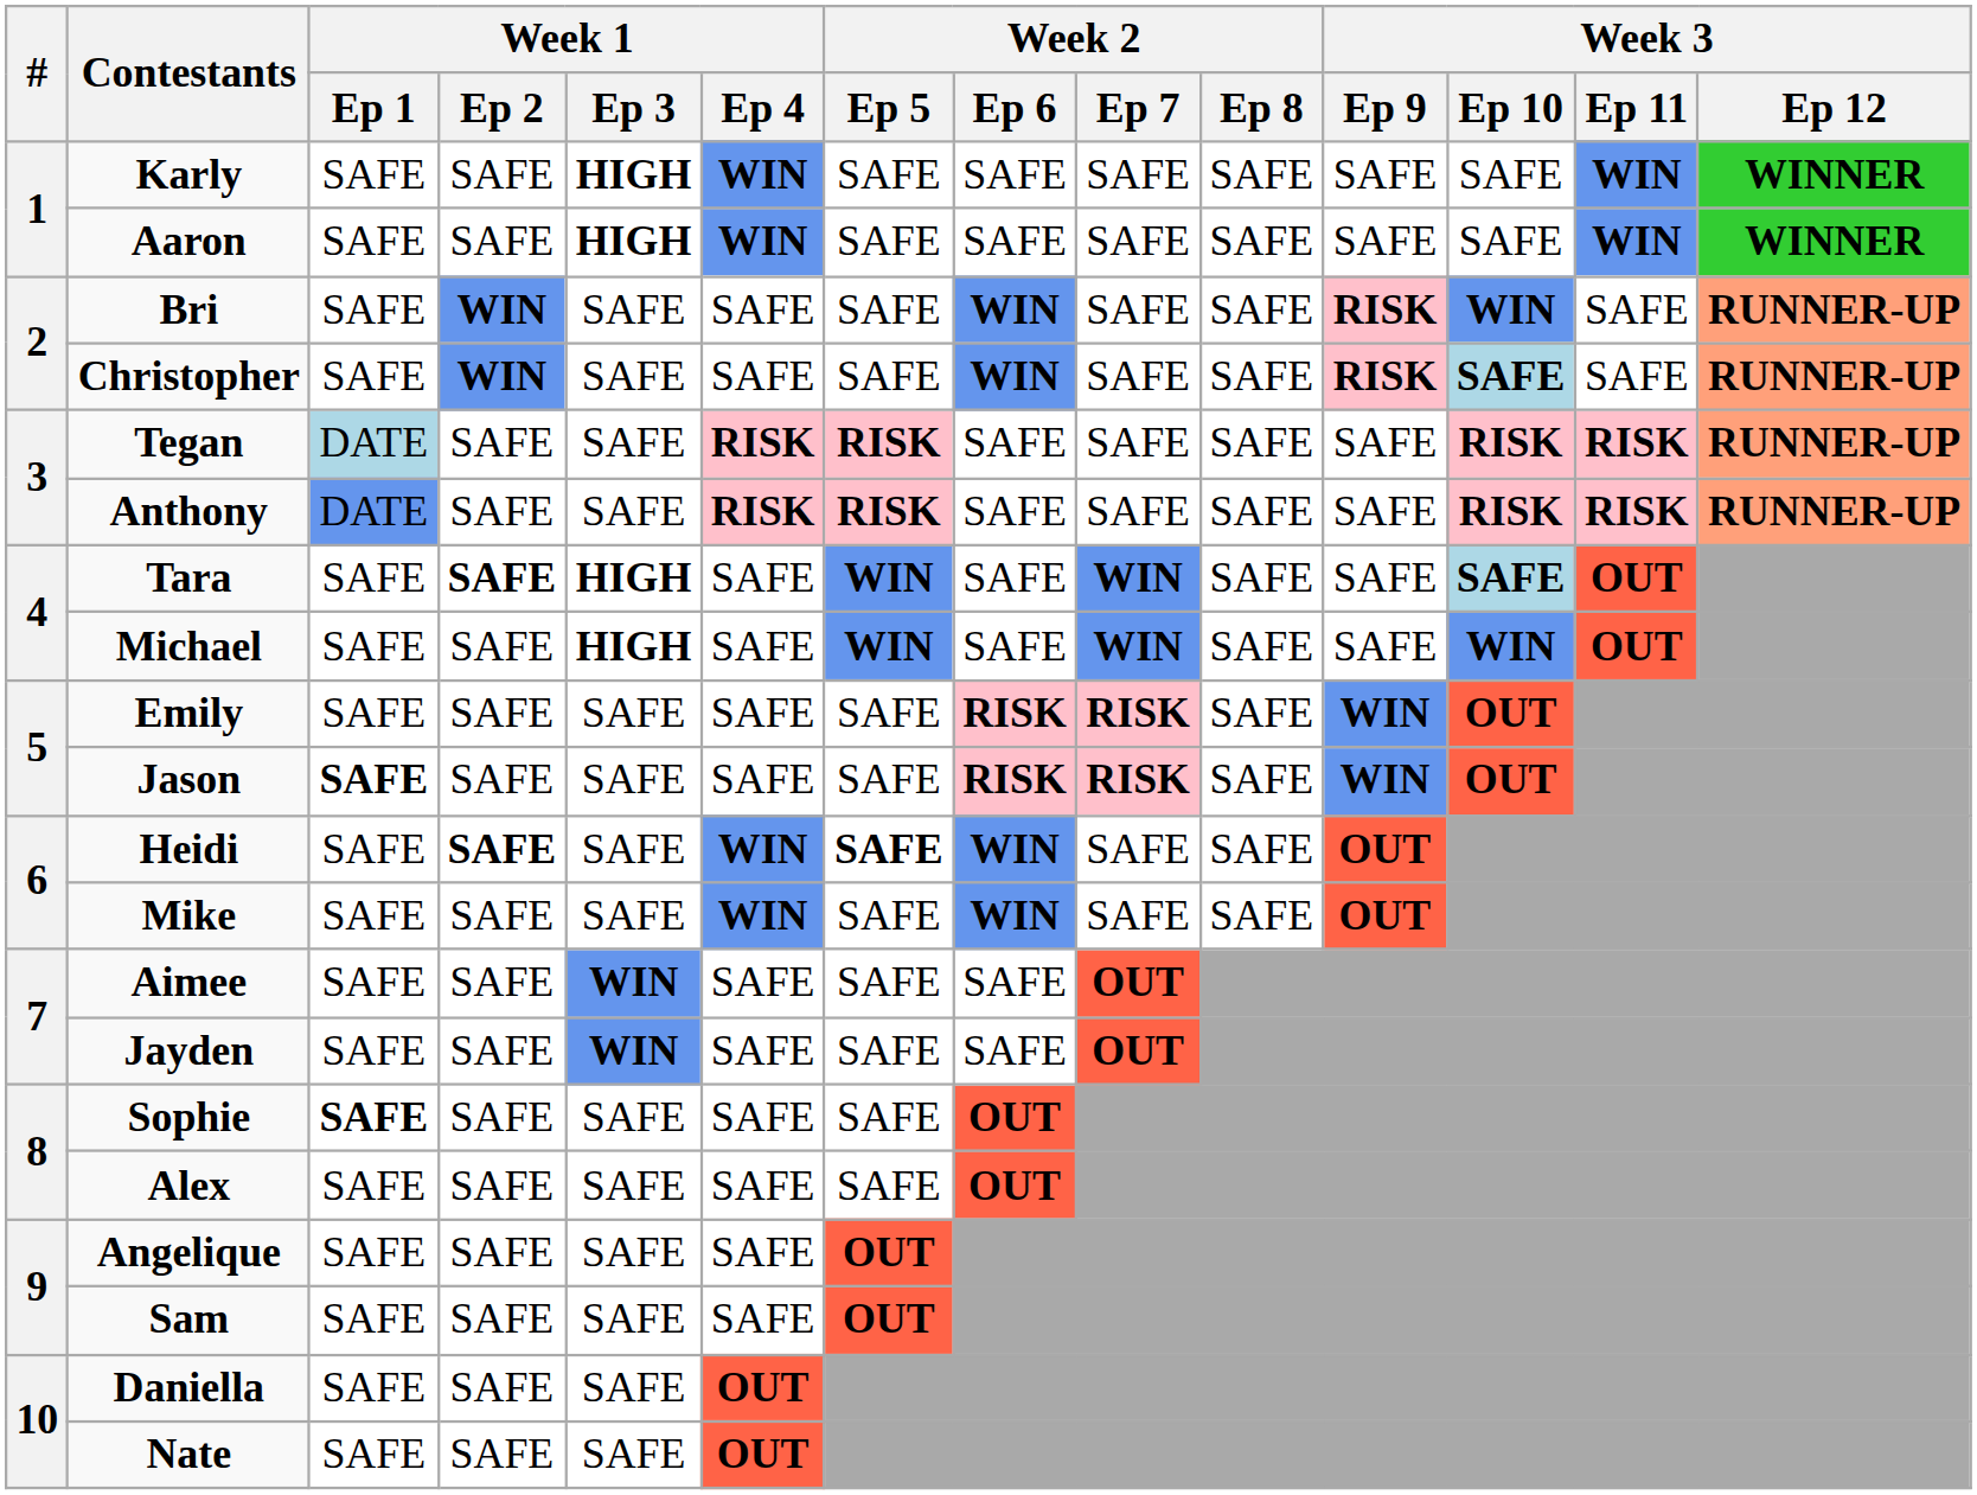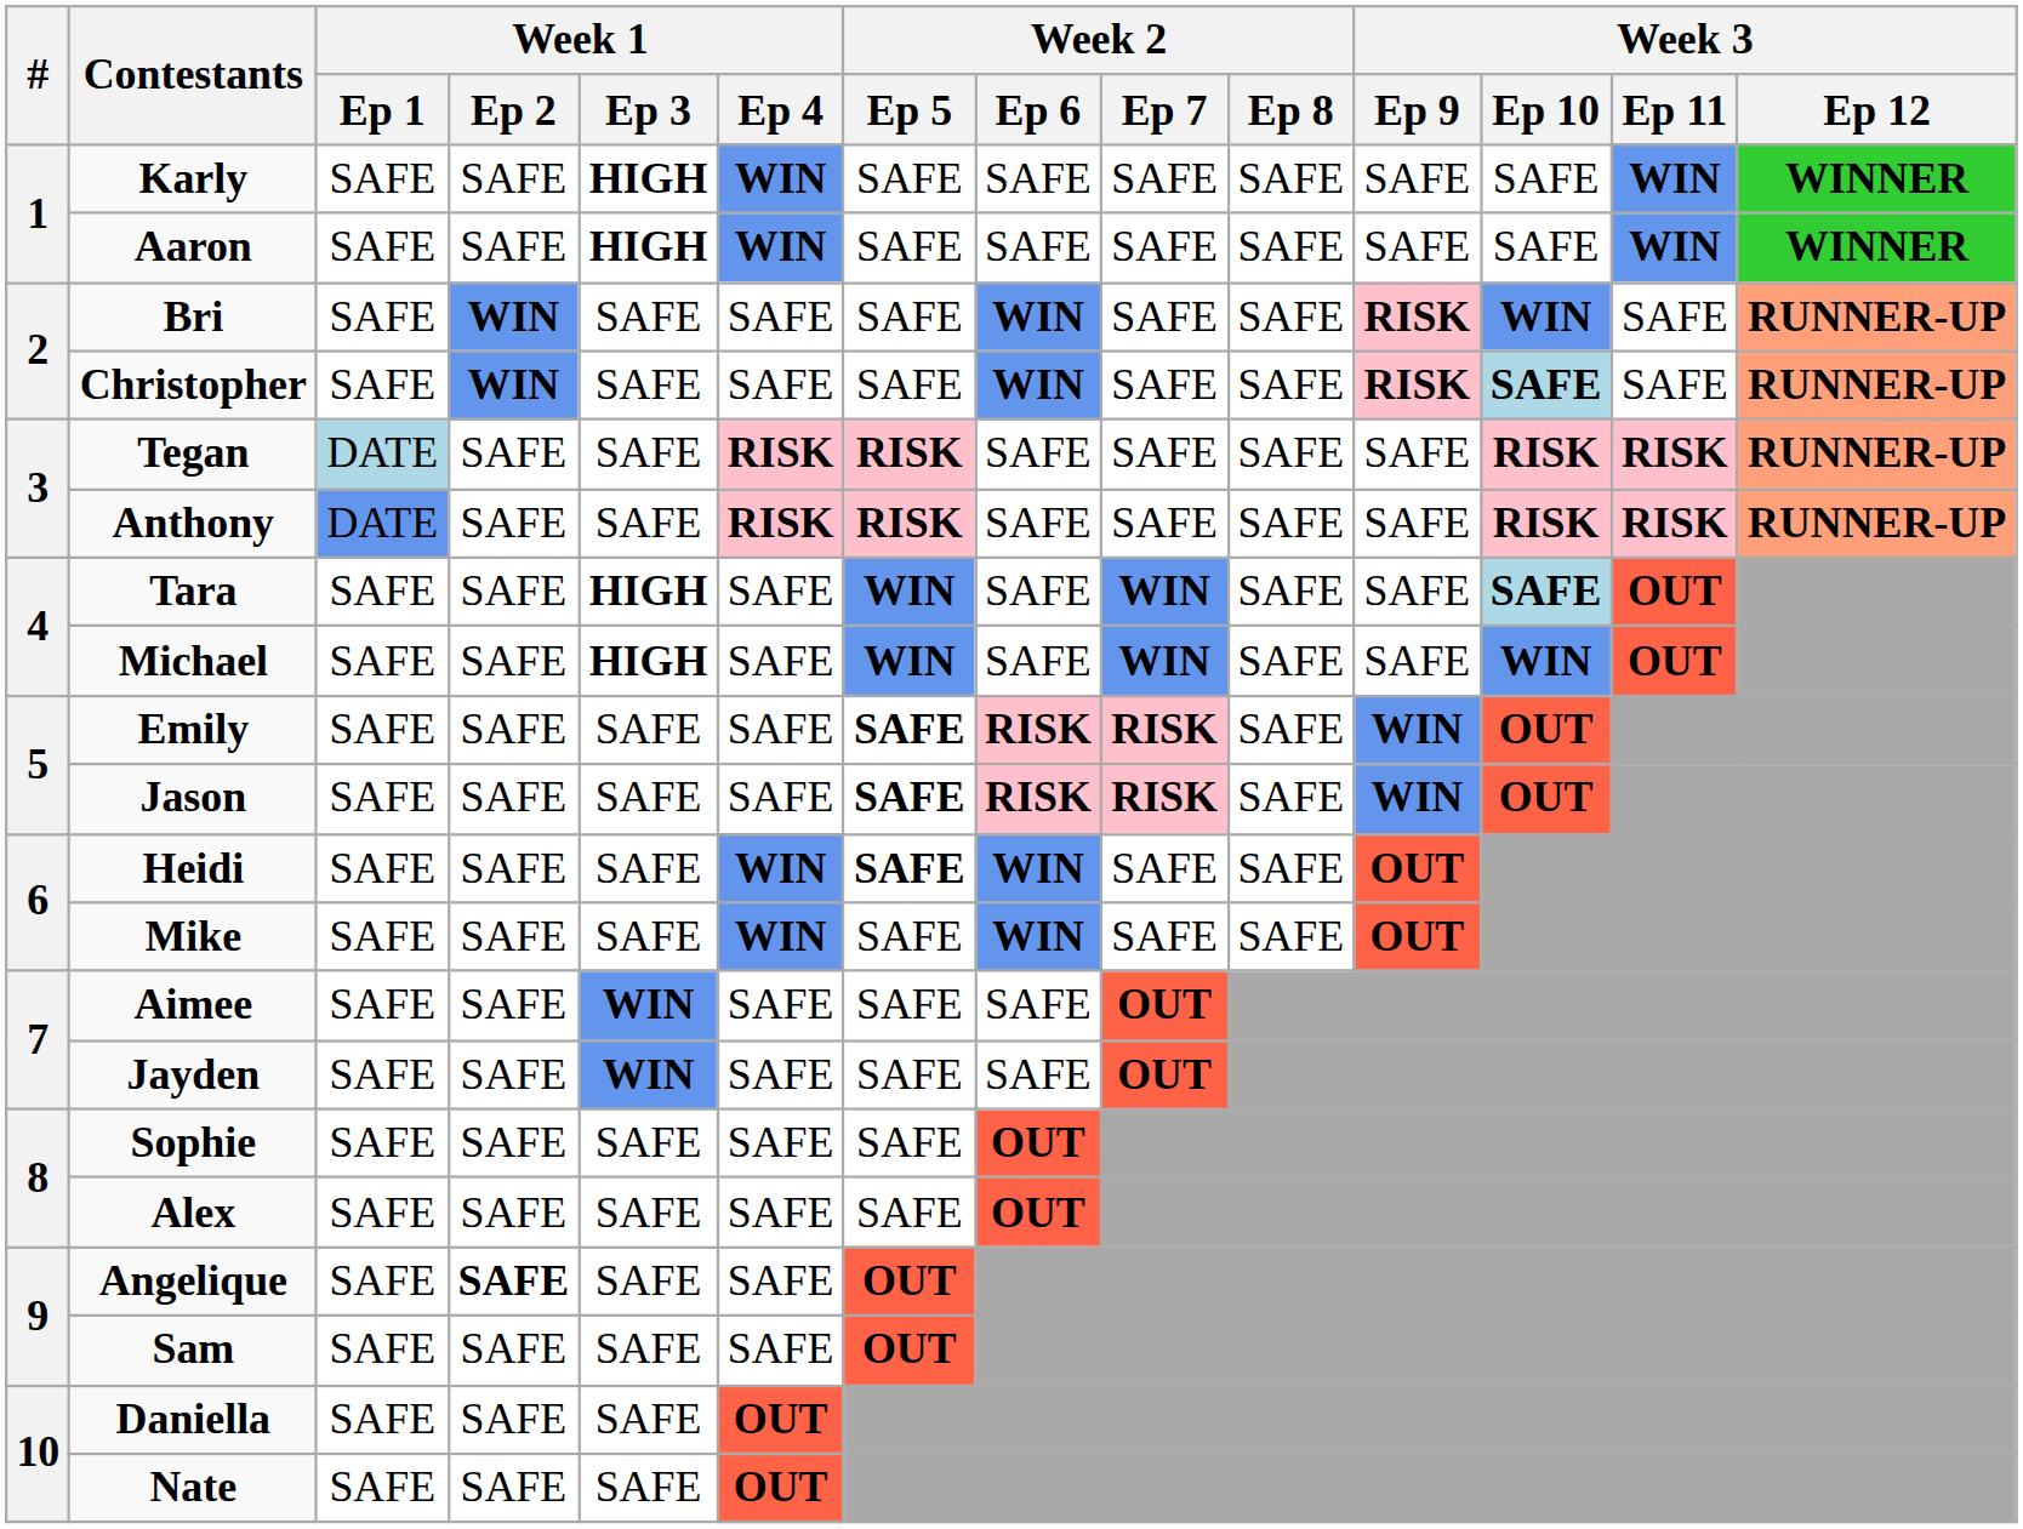 <table class="wikitable" style="text-align:center">
 <tr>
 <th rowspan="2">#</th>
 <th rowspan="2">Contestants</th>
 <th colspan="4">Week 1</th>
 <th colspan="4">Week 2</th>
 <th colspan="4">Week 3</th>
 </tr>
 <tr>
 <th>Ep 1</th>
 <th>Ep 2</th>
 <th>Ep 3</th>
 <th>Ep 4</th>
 <th>Ep 5</th>
 <th>Ep 6</th>
 <th>Ep 7</th>
 <th>Ep 8</th>
 <th>Ep 9</th>
 <th>Ep 10</th>
 <th>Ep 11</th>
 <th>Ep 12</th>
 </tr>
 <tr>
 <th rowspan="2">1</th>
 <td><strong>Karly</strong></td>
 <td bgcolor="white">SAFE</td>
 <td bgcolor="white">SAFE</td>
 <td bgcolor="white"><strong>HIGH</strong></td>
 <td bgcolor="cornflowerblue"><strong>WIN</strong></td>
 <td bgcolor="white">SAFE</td>
 <td bgcolor="white">SAFE</td>
 <td bgcolor="white">SAFE</td>
 <td bgcolor="white">SAFE</td>
 <td bgcolor="white">SAFE</td>
 <td bgcolor="white">SAFE</td>
 <td bgcolor="cornflowerblue"><strong>WIN</strong></td>
 <td bgcolor="limegreen"><strong>WINNER</strong></td>
 </tr>
 <tr>
 <td><strong>Aaron</strong></td>
 <td bgcolor="white">SAFE</td>
 <td bgcolor="white">SAFE</td>
 <td bgcolor="white"><strong>HIGH</strong></td>
 <td bgcolor="cornflowerblue"><strong>WIN</strong></td>
 <td bgcolor="white">SAFE</td>
 <td bgcolor="white">SAFE</td>
 <td bgcolor="white">SAFE</td>
 <td bgcolor="white">SAFE</td>
 <td bgcolor="white">SAFE</td>
 <td bgcolor="white">SAFE</td>
 <td bgcolor="cornflowerblue"><strong>WIN</strong></td>
 <td bgcolor="limegreen"><strong>WINNER</strong></td>
 </tr>
 <tr>
 <th rowspan="2">2</th>
 <td><strong>Bri</strong></td>
 <td bgcolor="white">SAFE</td>
 <td bgcolor="cornflowerblue"><strong>WIN</strong></td>
 <td bgcolor="white">SAFE</td>
 <td bgcolor="white">SAFE</td>
 <td bgcolor="white">SAFE</td>
 <td bgcolor="cornflowerblue"><strong>WIN</strong></td>
 <td bgcolor="white">SAFE</td>
 <td bgcolor="white">SAFE</td>
 <td bgcolor="pink"><strong>RISK</strong></td>
 <td bgcolor="cornflowerblue"><strong>WIN</strong></td>
 <td bgcolor="white">SAFE</td>
 <td bgcolor="lightsalmon"><strong>RUNNER-UP</strong></td>
 </tr>
 <tr>
 <td><strong>Christopher</strong></td>
 <td bgcolor="white">SAFE</td>
 <td bgcolor="cornflowerblue"><strong>WIN</strong></td>
 <td bgcolor="white">SAFE</td>
 <td bgcolor="white">SAFE</td>
 <td bgcolor="white">SAFE</td>
 <td bgcolor="cornflowerblue"><strong>WIN</strong></td>
 <td bgcolor="white">SAFE</td>
 <td bgcolor="white">SAFE</td>
 <td bgcolor="pink"><strong>RISK</strong></td>
 <td bgcolor="lightblue"><strong>SAFE</strong></td>
 <td bgcolor="white">SAFE</td>
 <td bgcolor="lightsalmon"><strong>RUNNER-UP</strong></td>
 </tr>
 <tr>
 <th rowspan="2">3</th>
 <td><strong>Tegan</strong></td>
 <td bgcolor="lightblue">DATE</td>
 <td bgcolor="white">SAFE</td>
 <td bgcolor="white">SAFE</td>
 <td bgcolor="pink"><strong>RISK</strong></td>
 <td bgcolor="pink"><strong>RISK</strong></td>
 <td bgcolor="white">SAFE</td>
 <td bgcolor="white">SAFE</td>
 <td bgcolor="white">SAFE</td>
 <td bgcolor="white">SAFE</td>
 <td bgcolor="pink"><strong>RISK</strong></td>
 <td bgcolor="pink"><strong>RISK</strong></td>
 <td bgcolor="lightsalmon"><strong>RUNNER-UP</strong></td>
 </tr>
 <tr>
 <td><strong>Anthony</strong></td>
 <td bgcolor="cornflowerblue">DATE</td>
 <td bgcolor="white">SAFE</td>
 <td bgcolor="white">SAFE</td>
 <td bgcolor="pink"><strong>RISK</strong></td>
 <td bgcolor="pink"><strong>RISK</strong></td>
 <td bgcolor="white">SAFE</td>
 <td bgcolor="white">SAFE</td>
 <td bgcolor="white">SAFE</td>
 <td bgcolor="white">SAFE</td>
 <td bgcolor="pink"><strong>RISK</strong></td>
 <td bgcolor="pink"><strong>RISK</strong></td>
 <td bgcolor="lightsalmon"><strong>RUNNER-UP</strong></td>
 </tr>
 <tr>
 <th rowspan="2">4</th>
 <td><strong>Tara</strong></td>
 <td bgcolor="white">SAFE</td>
-<td bgcolor="white"><strong>SAFE</strong></td>
+<td bgcolor="white">SAFE</td>
 <td bgcolor="white"><strong>HIGH</strong></td>
 <td bgcolor="white">SAFE</td>
 <td bgcolor="cornflowerblue"><strong>WIN</strong></td>
 <td bgcolor="white">SAFE</td>
 <td bgcolor="cornflowerblue"><strong>WIN</strong></td>
 <td bgcolor="white">SAFE</td>
 <td bgcolor="white">SAFE</td>
 <td bgcolor="lightblue"><strong>SAFE</strong></td>
 <td bgcolor="tomato"><strong>OUT</strong></td>
 <td bgcolor="darkgray" colspan="1"></td>
 </tr>
 <tr>
 <td><strong>Michael</strong></td>
 <td bgcolor="white">SAFE</td>
 <td bgcolor="white">SAFE</td>
 <td bgcolor="white"><strong>HIGH</strong></td>
 <td bgcolor="white">SAFE</td>
 <td bgcolor="cornflowerblue"><strong>WIN</strong></td>
 <td bgcolor="white">SAFE</td>
 <td bgcolor="cornflowerblue"><strong>WIN</strong></td>
 <td bgcolor="white">SAFE</td>
 <td bgcolor="white">SAFE</td>
 <td bgcolor="cornflowerblue"><strong>WIN</strong></td>
 <td bgcolor="tomato"><strong>OUT</strong></td>
 <td bgcolor="darkgray" colspan="1"></td>
 </tr>
 <tr>
 <th rowspan="2">5</th>
 <td><strong>Emily</strong></td>
 <td bgcolor="white">SAFE</td>
 <td bgcolor="white">SAFE</td>
 <td bgcolor="white">SAFE</td>
 <td bgcolor="white">SAFE</td>
-<td bgcolor="white">SAFE</td>
+<td bgcolor="white"><strong>SAFE</strong></td>
 <td bgcolor="pink"><strong>RISK</strong></td>
 <td bgcolor="pink"><strong>RISK</strong></td>
 <td bgcolor="white">SAFE</td>
 <td bgcolor="cornflowerblue"><strong>WIN</strong></td>
 <td bgcolor="tomato"><strong>OUT</strong></td>
 <td bgcolor="darkgray" colspan="2"></td>
 </tr>
 <tr>
 <td><strong>Jason</strong></td>
-<td bgcolor="white"><strong>SAFE</strong></td>
 <td bgcolor="white">SAFE</td>
 <td bgcolor="white">SAFE</td>
 <td bgcolor="white">SAFE</td>
 <td bgcolor="white">SAFE</td>
+<td bgcolor="white"><strong>SAFE</strong></td>
 <td bgcolor="pink"><strong>RISK</strong></td>
 <td bgcolor="pink"><strong>RISK</strong></td>
 <td bgcolor="white">SAFE</td>
 <td bgcolor="cornflowerblue"><strong>WIN</strong></td>
 <td bgcolor="tomato"><strong>OUT</strong></td>
 <td bgcolor="darkgray" colspan="2"></td>
 </tr>
 <tr>
 <th rowspan="2">6</th>
 <td><strong>Heidi</strong></td>
 <td bgcolor="white">SAFE</td>
-<td bgcolor="white"><strong>SAFE</strong></td>
+<td bgcolor="white">SAFE</td>
 <td bgcolor="white">SAFE</td>
 <td bgcolor="cornflowerblue"><strong>WIN</strong></td>
 <td bgcolor="white"><strong>SAFE</strong></td>
 <td bgcolor="cornflowerblue"><strong>WIN</strong></td>
 <td bgcolor="white">SAFE</td>
 <td bgcolor="white">SAFE</td>
 <td bgcolor="tomato"><strong>OUT</strong></td>
 <td bgcolor="darkgray" colspan="3"></td>
 </tr>
 <tr>
 <td><strong>Mike</strong></td>
 <td bgcolor="white">SAFE</td>
 <td bgcolor="white">SAFE</td>
 <td bgcolor="white">SAFE</td>
 <td bgcolor="cornflowerblue"><strong>WIN</strong></td>
 <td bgcolor="white">SAFE</td>
 <td bgcolor="cornflowerblue"><strong>WIN</strong></td>
 <td bgcolor="white">SAFE</td>
 <td bgcolor="white">SAFE</td>
 <td bgcolor="tomato"><strong>OUT</strong></td>
 <td bgcolor="darkgray" colspan="3"></td>
 </tr>
 <tr>
 <th rowspan="2">7</th>
 <td><strong>Aimee</strong></td>
 <td bgcolor="white">SAFE</td>
 <td bgcolor="white">SAFE</td>
 <td bgcolor="cornflowerblue"><strong>WIN</strong></td>
 <td bgcolor="white">SAFE</td>
 <td bgcolor="white">SAFE</td>
 <td bgcolor="white">SAFE</td>
 <td bgcolor="tomato"><strong>OUT</strong></td>
 <td bgcolor="darkgray" colspan="5"></td>
 </tr>
 <tr>
 <td><strong>Jayden</strong></td>
 <td bgcolor="white">SAFE</td>
 <td bgcolor="white">SAFE</td>
 <td bgcolor="cornflowerblue"><strong>WIN</strong></td>
 <td bgcolor="white">SAFE</td>
 <td bgcolor="white">SAFE</td>
 <td bgcolor="white">SAFE</td>
 <td bgcolor="tomato"><strong>OUT</strong></td>
 <td bgcolor="darkgray" colspan="5"></td>
 </tr>
 <tr>
 <th rowspan="2">8</th>
 <td><strong>Sophie</strong></td>
-<td bgcolor="white"><strong>SAFE</strong></td>
+<td bgcolor="white">SAFE</td>
 <td bgcolor="white">SAFE</td>
 <td bgcolor="white">SAFE</td>
 <td bgcolor="white">SAFE</td>
 <td bgcolor="white">SAFE</td>
 <td bgcolor="tomato"><strong>OUT</strong></td>
 <td bgcolor="darkgray" colspan="6"></td>
 </tr>
 <tr>
 <td><strong>Alex</strong></td>
 <td bgcolor="white">SAFE</td>
 <td bgcolor="white">SAFE</td>
 <td bgcolor="white">SAFE</td>
 <td bgcolor="white">SAFE</td>
 <td bgcolor="white">SAFE</td>
 <td bgcolor="tomato"><strong>OUT</strong></td>
 <td bgcolor="darkgray" colspan="6"></td>
 </tr>
 <tr>
 <th rowspan="2">9</th>
 <td><strong>Angelique</strong></td>
 <td bgcolor="white">SAFE</td>
-<td bgcolor="white">SAFE</td>
+<td bgcolor="white"><strong>SAFE</strong></td>
 <td bgcolor="white">SAFE</td>
 <td bgcolor="white">SAFE</td>
 <td bgcolor="tomato"><strong>OUT</strong></td>
 <td bgcolor="darkgray" colspan="7"></td>
 </tr>
 <tr>
 <td><strong>Sam</strong></td>
 <td bgcolor="white">SAFE</td>
 <td bgcolor="white">SAFE</td>
 <td bgcolor="white">SAFE</td>
 <td bgcolor="white">SAFE</td>
 <td bgcolor="tomato"><strong>OUT</strong></td>
 <td bgcolor="darkgray" colspan="7"></td>
 </tr>
 <tr>
 <th rowspan="2">10</th>
 <td><strong>Daniella</strong></td>
 <td bgcolor="white">SAFE</td>
 <td bgcolor="white">SAFE</td>
 <td bgcolor="white">SAFE</td>
 <td bgcolor="tomato"><strong>OUT</strong></td>
 <td bgcolor="darkgray" colspan="8"></td>
 </tr>
 <tr>
 <td><strong>Nate</strong></td>
 <td bgcolor="white">SAFE</td>
 <td bgcolor="white">SAFE</td>
 <td bgcolor="white">SAFE</td>
 <td bgcolor="tomato"><strong>OUT</strong></td>
 <td bgcolor="darkgray" colspan="8"></td>
 </tr>
 </table>
